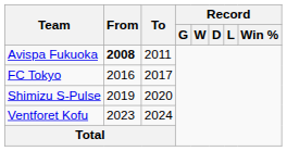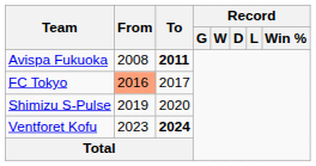 <table class="wikitable" style="text-align: center">
 <tr>
 <th rowspan="2">Team</th>
 <th rowspan="2">From</th>
 <th rowspan="2">To</th>
 <th colspan="5">Record</th>
 </tr>
 <tr>
 <th>G</th>
 <th>W</th>
 <th>D</th>
 <th>L</th>
 <th>Win %</th>
 </tr>
 <tr>
 <td align="left"><a href='#'>Avispa Fukuoka</a></td>
-<td align="left"><strong>2008</strong></td>
-<td align="left">2011<br></td>
+<td align="left">2008</td>
+<td align="left"><strong>2011<br></strong></td>
 </tr>
 <tr>
 <td align="left"><a href='#'>FC Tokyo</a></td>
-<td align="left">2016</td>
+<td align="left" style="background: lightsalmon;">2016</td>
 <td align="left">2017<br></td>
 </tr>
 <tr>
 <td align="left"><a href='#'>Shimizu S-Pulse</a></td>
 <td align="left">2019</td>
 <td align="left">2020<br></td>
 </tr>
 <tr>
 <td align="left"><a href='#'>Ventforet Kofu</a></td>
 <td align="left">2023</td>
-<td align="left">2024<br></td>
+<td align="left"><strong>2024<br></strong></td>
 </tr>
 <tr>
 <th colspan="3">Total<br></th>
 </tr>
 </table>
